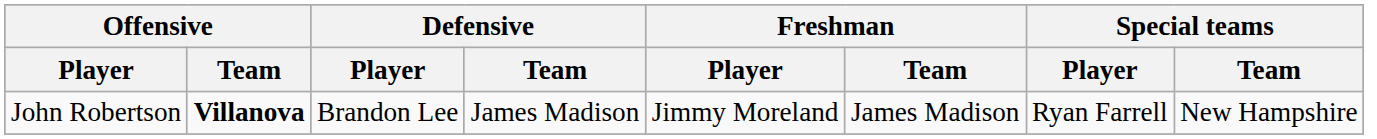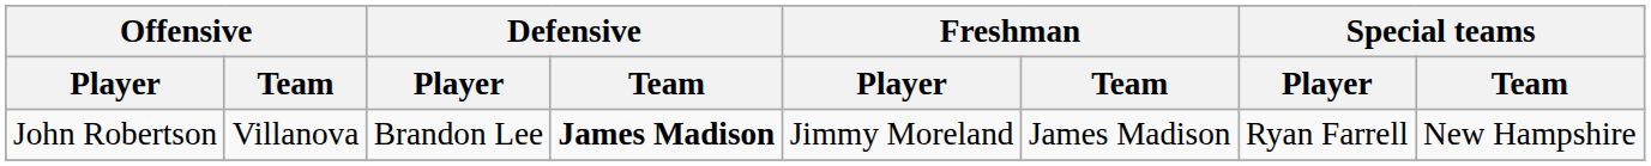 <table class="wikitable" border="1">
 <tr>
 <th colspan="2">Offensive</th>
 <th colspan="2">Defensive</th>
 <th colspan="2">Freshman</th>
 <th colspan="2">Special teams</th>
 </tr>
 <tr>
 <th>Player</th>
 <th>Team</th>
 <th>Player</th>
 <th>Team</th>
 <th>Player</th>
 <th>Team</th>
 <th>Player</th>
 <th>Team</th>
 </tr>
 <tr>
 <td>John Robertson</td>
-<td><strong>Villanova</strong></td>
+<td>Villanova</td>
 <td>Brandon Lee</td>
-<td>James Madison</td>
+<td><strong>James Madison</strong></td>
 <td>Jimmy Moreland</td>
 <td>James Madison</td>
 <td>Ryan Farrell</td>
 <td>New Hampshire</td>
 </tr>
 </table>
